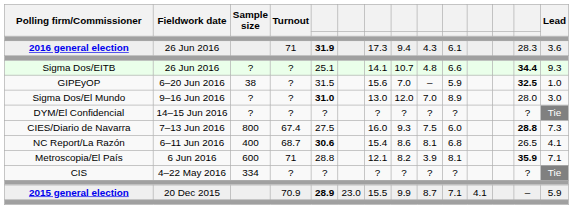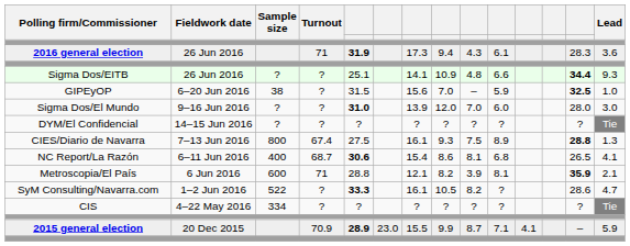 <table class="wikitable collapsible collapsed" style="text-align:center; font-size:95%; line-height:16px;">
 <tr style="height:42px; background-color:#E9E9E9">
 <th style="width:250px;" rowspan="2">Polling firm/Commissioner</th>
 <th style="width:125px;" rowspan="2">Fieldwork date</th>
 <th style="width:50px;" rowspan="2">Sample size</th>
 <th style="width:45px;" rowspan="2">Turnout</th>
 <th style="width:35px;"></th>
 <th style="width:35px;"></th>
 <th style="width:35px;"></th>
 <th style="width:35px;"></th>
 <th style="width:35px;"></th>
 <th style="width:35px;"></th>
 <th style="width:35px;"></th>
 <th style="width:35px;"></th>
 <th style="width:35px;"></th>
 <th style="width:30px;" rowspan="2">Lead</th>
 </tr>
 <tr>
 <th style="color:inherit;background:"></th>
 <th style="color:inherit;background:"></th>
 <th style="color:inherit;background:"></th>
 <th style="color:inherit;background:"></th>
 <th style="color:inherit;background:"></th>
 <th style="color:inherit;background:"></th>
 <th style="color:inherit;background:"></th>
 <th style="color:inherit;background:"></th>
 <th style="color:inherit;background:"></th>
 </tr>
 <tr>
 <td colspan="14" style="background:#A0A0A0"></td>
 </tr>
 <tr style="background:#EFEFEF;">
 <td><strong><a href='#'>2016 general election</a></strong></td>
 <td>26 Jun 2016</td>
 <td></td>
 <td>71</td>
 <td><strong>31.9</strong><br></td>
 <td></td>
 <td>17.3<br></td>
 <td>9.4<br></td>
 <td>4.3<br></td>
 <td>6.1<br></td>
 <td></td>
 <td></td>
 <td>28.3<br></td>
 <td style="background:">3.6</td>
 </tr>
 <tr>
 <td colspan="14" style="background:#A0A0A0"></td>
 </tr>
 <tr style="background:#EAFFEA;">
 <td>Sigma Dos/EITB</td>
 <td>26 Jun 2016</td>
 <td>?</td>
 <td>?</td>
 <td>25.1<br></td>
 <td></td>
 <td>14.1<br></td>
-<td>10.7<br></td>
+<td>10.9<br></td>
 <td>4.8<br></td>
 <td>6.6<br></td>
 <td></td>
 <td></td>
 <td><strong>34.4</strong><br></td>
 <td style="background:">9.3</td>
 </tr>
 <tr>
 <td>GIPEyOP</td>
 <td>6–20 Jun 2016</td>
 <td>38</td>
 <td>?</td>
 <td>31.5<br></td>
 <td></td>
 <td>15.6<br></td>
 <td>7.0<br></td>
 <td>–</td>
 <td>5.9<br></td>
 <td></td>
 <td></td>
 <td><strong>32.5</strong><br></td>
 <td style="background:">1.0</td>
 </tr>
 <tr>
 <td>Sigma Dos/El Mundo</td>
 <td>9–16 Jun 2016</td>
 <td>?</td>
 <td>?</td>
 <td><strong>31.0</strong><br></td>
 <td></td>
-<td>13.0<br></td>
+<td>13.9<br></td>
 <td>12.0<br></td>
 <td>7.0<br></td>
-<td>8.9<br></td>
+<td>6.0<br></td>
 <td></td>
 <td></td>
 <td>28.0<br></td>
 <td style="background:">3.0</td>
 </tr>
 <tr>
 <td>DYM/El Confidencial</td>
 <td>14–15 Jun 2016</td>
 <td>?</td>
 <td>?</td>
 <td>?<br></td>
 <td></td>
 <td>?<br></td>
 <td>?<br></td>
 <td>?<br></td>
 <td>?<br></td>
 <td></td>
 <td></td>
 <td>?<br></td>
 <td style="background:gray;color:white;">Tie</td>
 </tr>
 <tr>
 <td>CIES/Diario de Navarra</td>
 <td>7–13 Jun 2016</td>
 <td>800</td>
 <td>67.4</td>
 <td>27.5<br></td>
 <td></td>
-<td>16.0<br></td>
+<td>16.1<br></td>
 <td>9.3<br></td>
 <td>7.5<br></td>
-<td>6.0<br></td>
+<td>8.9<br></td>
 <td></td>
 <td></td>
 <td><strong>28.8</strong><br></td>
-<td style="background:">7.3</td>
+<td style="background:">1.3</td>
 </tr>
 <tr>
 <td>NC Report/La Razón</td>
 <td>6–11 Jun 2016</td>
 <td>400</td>
 <td>68.7</td>
 <td><strong>30.6</strong><br></td>
 <td></td>
 <td>15.4<br></td>
 <td>8.6<br></td>
 <td>8.1<br></td>
 <td>6.8<br></td>
 <td></td>
 <td></td>
 <td>26.5<br></td>
 <td style="background:">4.1</td>
 </tr>
 <tr>
 <td>Metroscopia/El País</td>
 <td>6 Jun 2016</td>
 <td>600</td>
 <td>71</td>
 <td>28.8<br></td>
 <td></td>
 <td>12.1<br></td>
 <td>8.2<br></td>
 <td>3.9<br></td>
 <td>8.1<br></td>
 <td></td>
 <td></td>
 <td><strong>35.9</strong><br></td>
-<td style="background:">7.1</td>
+<td style="background:">2.1</td>
+</tr>
+<tr>
+<td>SyM Consulting/Navarra.com</td>
+<td>1–2 Jun 2016</td>
+<td>522</td>
+<td>?</td>
+<td><strong>33.3</strong><br></td>
+<td></td>
+<td>16.1<br></td>
+<td>10.5<br></td>
+<td>8.2<br></td>
+<td>?<br></td>
+<td></td>
+<td></td>
+<td>28.6<br></td>
+<td style="background:">4.7</td>
 </tr>
 <tr>
 <td>CIS</td>
 <td>4–22 May 2016</td>
 <td>334</td>
 <td>?</td>
 <td>?<br></td>
 <td></td>
 <td>?<br></td>
 <td>?<br></td>
 <td>?<br></td>
 <td>?<br></td>
 <td></td>
 <td></td>
 <td>?<br></td>
 <td style="background:gray;color:white;">Tie</td>
 </tr>
 <tr>
 <td colspan="14" style="background:#A0A0A0"></td>
 </tr>
 <tr style="background:#EFEFEF;">
 <td><strong><a href='#'>2015 general election</a></strong></td>
 <td>20 Dec 2015</td>
 <td></td>
 <td>70.9</td>
 <td><strong>28.9</strong><br></td>
 <td>23.0<br></td>
 <td>15.5<br></td>
 <td>9.9<br></td>
 <td>8.7<br></td>
 <td>7.1<br></td>
 <td>4.1<br></td>
 <td></td>
 <td>–</td>
 <td style="background:">5.9</td>
 </tr>
 <tr>
 <td colspan="14" style="background:#A0A0A0"></td>
 </tr>
 </table>
